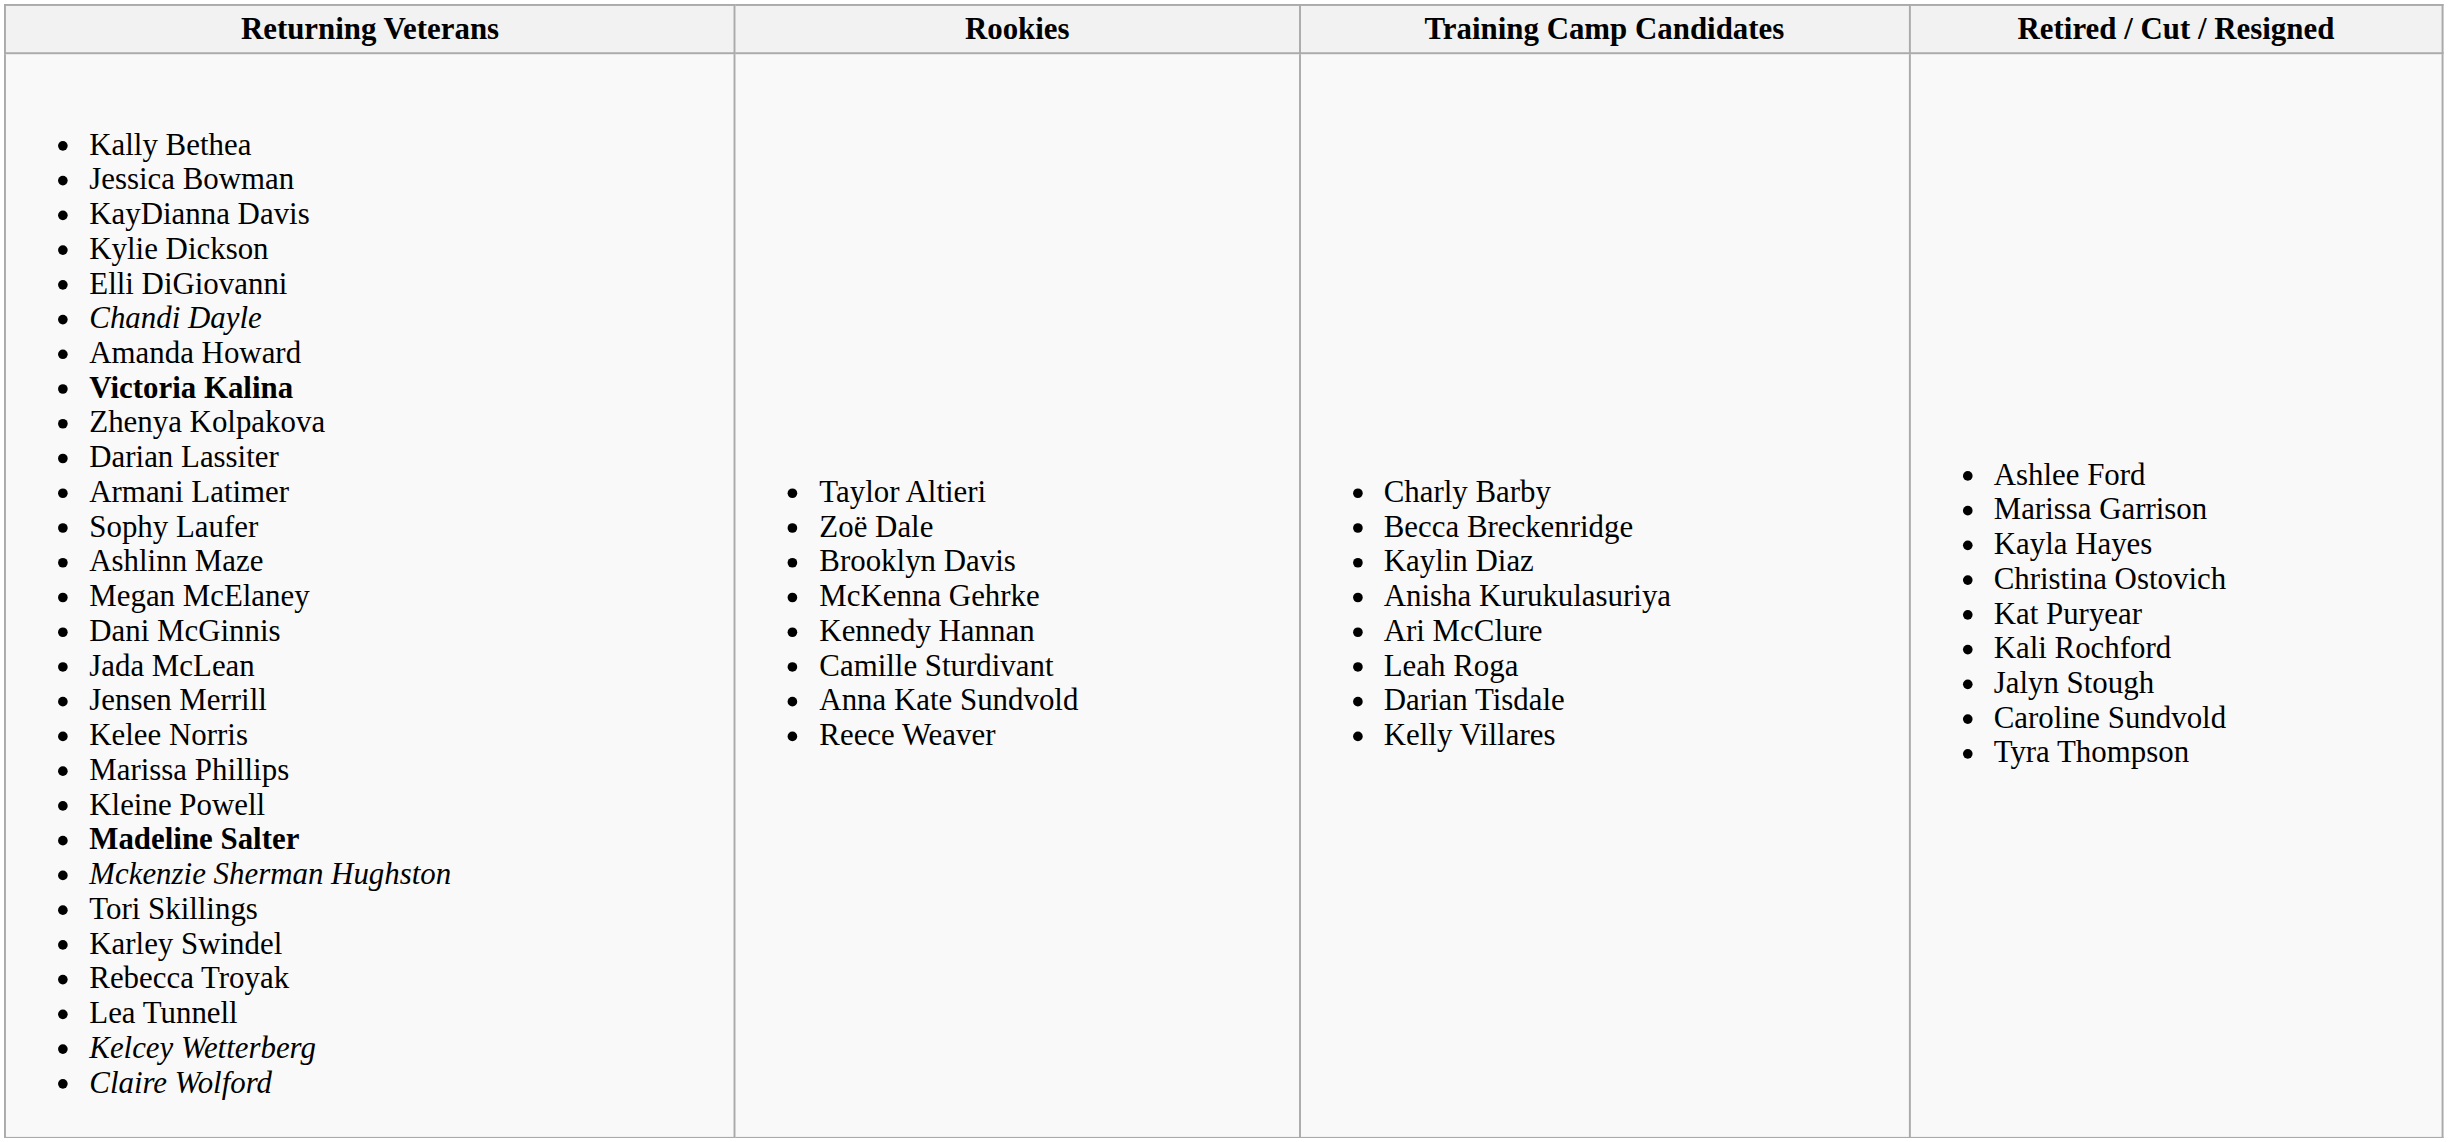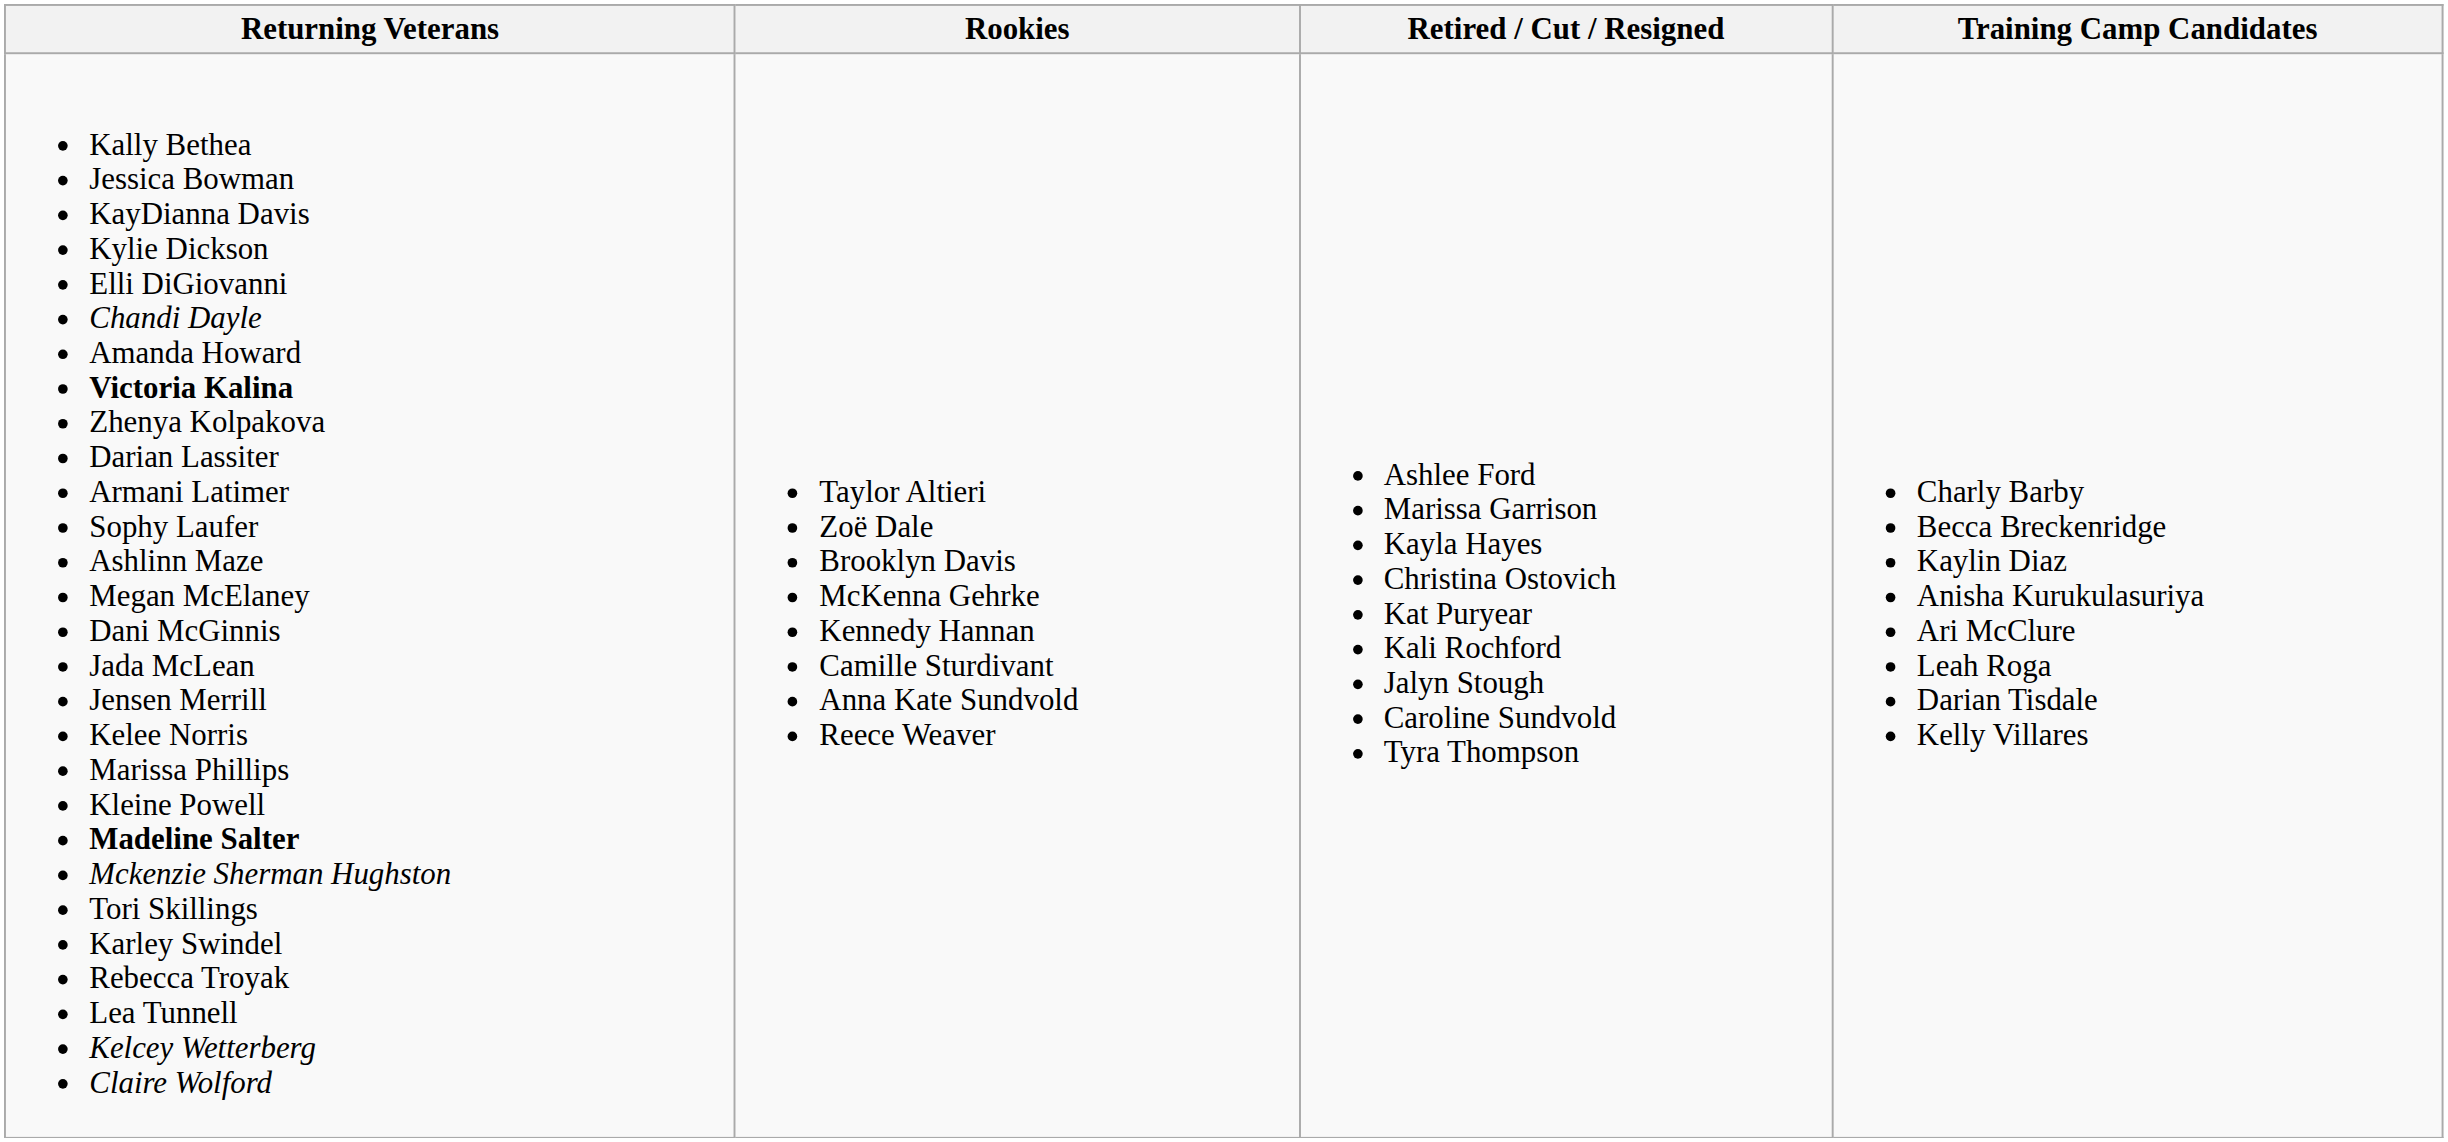 <table class="wikitable" style="width:100%;">
 <tr>
 <th>Returning Veterans</th>
 <th>Rookies</th>
+<th>Retired / Cut / Resigned</th>
 <th>Training Camp Candidates</th>
-<th>Retired / Cut / Resigned</th>
 </tr>
 <tr>
 <td><br><ul><li>Kally Bethea</li><li>Jessica Bowman</li><li>KayDianna Davis</li><li>Kylie Dickson</li><li>Elli DiGiovanni</li><li><em>Chandi Dayle</em></li><li>Amanda Howard</li><li><strong>Victoria Kalina</strong></li><li>Zhenya Kolpakova</li><li>Darian Lassiter</li><li>Armani Latimer</li><li>Sophy Laufer</li><li>Ashlinn Maze</li><li>Megan McElaney</li><li>Dani McGinnis</li><li>Jada McLean</li><li>Jensen Merrill</li><li>Kelee Norris</li><li>Marissa Phillips</li><li>Kleine Powell</li><li><strong>Madeline Salter</strong></li><li><em>Mckenzie Sherman Hughston</em></li><li>Tori Skillings</li><li>Karley Swindel</li><li>Rebecca Troyak</li><li>Lea Tunnell</li><li><em>Kelcey Wetterberg</em></li><li><em>Claire Wolford</em></li></ul></td>
 <td><br><ul><li>Taylor Altieri</li><li>Zoë Dale</li><li>Brooklyn Davis</li><li>McKenna Gehrke</li><li>Kennedy Hannan</li><li>Camille Sturdivant</li><li>Anna Kate Sundvold</li><li>Reece Weaver</li></ul></td>
+<td><br><ul><li>Ashlee Ford </li><li>Marissa Garrison </li><li>Kayla Hayes </li><li>Christina Ostovich </li><li>Kat Puryear </li><li>Kali Rochford </li><li>Jalyn Stough </li><li>Caroline Sundvold </li><li>Tyra Thompson </li></ul></td>
 <td><br><ul><li>Charly Barby</li><li>Becca Breckenridge</li><li>Kaylin Diaz</li><li>Anisha Kurukulasuriya</li><li>Ari McClure</li><li>Leah Roga</li><li>Darian Tisdale</li><li>Kelly Villares</li></ul></td>
-<td><br><ul><li>Ashlee Ford </li><li>Marissa Garrison </li><li>Kayla Hayes </li><li>Christina Ostovich </li><li>Kat Puryear </li><li>Kali Rochford </li><li>Jalyn Stough </li><li>Caroline Sundvold </li><li>Tyra Thompson </li></ul></td>
 </tr>
 </table>
